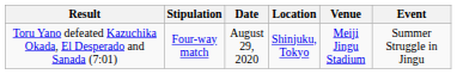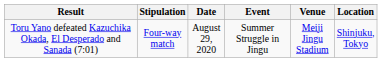 <table class="wikitable sortable" width=98% style="text-align:center;">
 <tr>
 <th width=37%>Result</th>
 <th width=11%>Stipulation</th>
 <th width=10%>Date</th>
+<th width=18%>Event</th>
+<th width=12%>Venue</th>
 <th width=10%>Location</th>
-<th width=12%>Venue</th>
-<th width=18%>Event</th>
 </tr>
 <tr>
 <td><a href='#'>Toru Yano</a> defeated <a href='#'>Kazuchika Okada</a>, <a href='#'>El Desperado</a> and <a href='#'>Sanada</a> (7:01)</td>
 <td><a href='#'>Four-way match</a></td>
 <td>August 29, 2020</td>
+<td>Summer Struggle in Jingu</td>
+<td><a href='#'>Meiji Jingu Stadium</a></td>
 <td><a href='#'>Shinjuku, Tokyo</a></td>
-<td><a href='#'>Meiji Jingu Stadium</a></td>
-<td>Summer Struggle in Jingu</td>
 </tr>
 </table>
